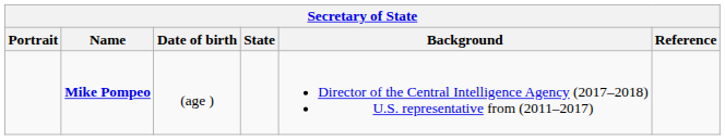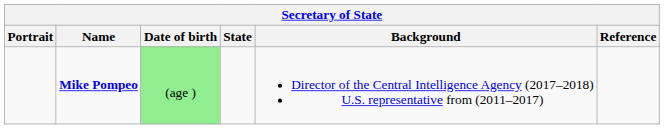 <table class="wikitable collapsible" style="text-align:center;">
 <tr>
 <th colspan="6"><a href='#'>Secretary of State</a></th>
 </tr>
 <tr>
 <th>Portrait</th>
 <th>Name</th>
 <th>Date of birth</th>
 <th>State</th>
 <th>Background</th>
 <th>Reference</th>
 </tr>
 <tr>
 <td></td>
 <td><strong><a href='#'>Mike Pompeo</a></strong></td>
-<td><br>(age )</td>
+<td style="background: lightgreen;"><br>(age )</td>
 <td></td>
 <td><br><ul><li><a href='#'>Director of the Central Intelligence Agency</a> (2017–2018)</li><li><a href='#'>U.S. representative</a> from  (2011–2017)</li></ul></td>
 <td></td>
 </tr>
 </table>
